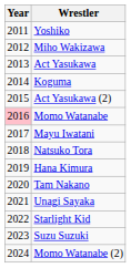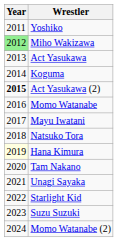 <table class="wikitable">
 <tr>
 <th>Year</th>
 <th>Wrestler</th>
 </tr>
 <tr>
 <td>2011</td>
 <td><a href='#'>Yoshiko</a></td>
 </tr>
 <tr>
-<td>2012</td>
+<td style="background: lightgreen;">2012</td>
 <td><a href='#'>Miho Wakizawa</a></td>
 </tr>
 <tr>
 <td>2013</td>
 <td><a href='#'>Act Yasukawa</a></td>
 </tr>
 <tr>
 <td>2014</td>
 <td><a href='#'>Koguma</a></td>
 </tr>
 <tr>
-<td>2015</td>
+<td><strong>2015</strong></td>
 <td><a href='#'>Act Yasukawa</a> (2)</td>
 </tr>
 <tr>
-<td style="background: pink;">2016</td>
+<td>2016</td>
 <td><a href='#'>Momo Watanabe</a></td>
 </tr>
 <tr>
 <td>2017</td>
 <td><a href='#'>Mayu Iwatani</a></td>
 </tr>
 <tr>
 <td>2018</td>
 <td><a href='#'>Natsuko Tora</a></td>
 </tr>
 <tr>
-<td>2019</td>
+<td style="background: lightyellow;">2019</td>
 <td><a href='#'>Hana Kimura</a></td>
 </tr>
 <tr>
 <td>2020</td>
 <td><a href='#'>Tam Nakano</a></td>
 </tr>
 <tr>
 <td>2021</td>
 <td><a href='#'>Unagi Sayaka</a></td>
 </tr>
 <tr>
 <td>2022</td>
 <td><a href='#'>Starlight Kid</a></td>
 </tr>
 <tr>
 <td>2023</td>
 <td><a href='#'>Suzu Suzuki</a></td>
 </tr>
 <tr>
 <td>2024</td>
 <td><a href='#'>Momo Watanabe</a> (2)</td>
 </tr>
 </table>
